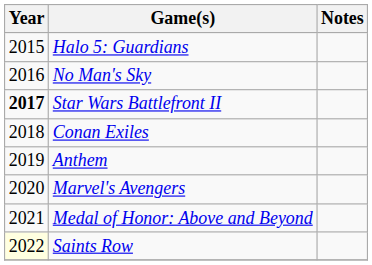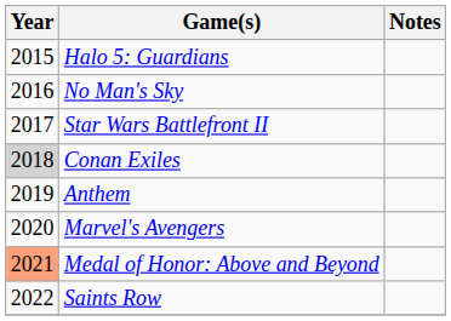 <table class="wikitable">
 <tr>
 <th>Year</th>
 <th>Game(s)</th>
 <th>Notes</th>
 </tr>
 <tr>
 <td>2015</td>
 <td><em><a href='#'>Halo 5: Guardians</a></em></td>
 <td></td>
 </tr>
 <tr>
 <td>2016</td>
 <td><em><a href='#'>No Man's Sky</a></em></td>
 <td></td>
 </tr>
 <tr>
-<td><strong>2017</strong></td>
+<td>2017</td>
 <td><em><a href='#'>Star Wars Battlefront II</a></em></td>
 <td></td>
 </tr>
 <tr>
-<td>2018</td>
+<td style="background: lightgrey;">2018</td>
 <td><em><a href='#'>Conan Exiles</a></em></td>
 <td></td>
 </tr>
 <tr>
 <td>2019</td>
 <td><em><a href='#'>Anthem</a></em></td>
 <td></td>
 </tr>
 <tr>
 <td>2020</td>
 <td><em><a href='#'>Marvel's Avengers</a></em></td>
 <td></td>
 </tr>
 <tr>
-<td>2021</td>
+<td style="background: lightsalmon;">2021</td>
 <td><em><a href='#'>Medal of Honor: Above and Beyond</a></em></td>
 <td></td>
 </tr>
 <tr>
-<td style="background: lightyellow;">2022</td>
+<td>2022</td>
 <td><em><a href='#'>Saints Row</a></em></td>
 <td></td>
 </tr>
 <tr>
 </tr>
 </table>
